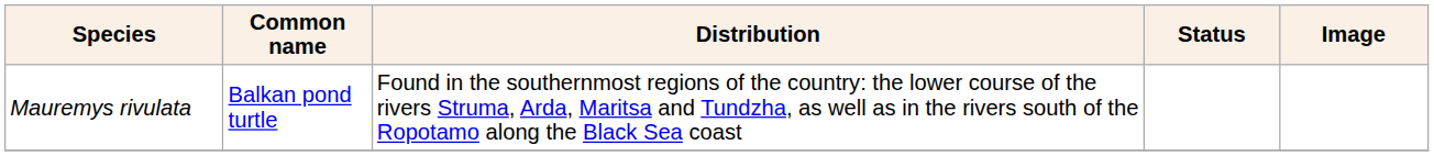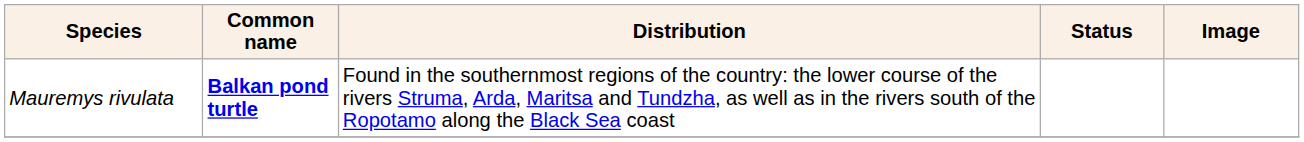 <table class="sortable wikitable plainrowheaders" border="0" style="background:#ffffff" align="top" class="sortable wikitable">
 <tr ->
 <th scope="col" style="background-color:Linen; color:Black" width=150 px>Species</th>
 <th scope="col" style="background-color:Linen; color:Black" width=100 px>Common name</th>
 <th scope="col" style="background:Linen; color:Black" width=550 px>Distribution</th>
 <th scope="col" style="background-color:Linen; color:Black" width=90 px>Status</th>
 <th scope="col" style="background:Linen; color:Black" width=100 px>Image</th>
 </tr>
 <tr>
 <td !scope="row" style="background:#ffffff"><em>Mauremys rivulata</em></td>
-<td><a href='#'>Balkan pond turtle</a></td>
+<td><strong><a href='#'>Balkan pond turtle</a></strong></td>
 <td>Found in the southernmost regions of the country: the lower course of the rivers <a href='#'>Struma</a>, <a href='#'>Arda</a>, <a href='#'>Maritsa</a> and <a href='#'>Tundzha</a>, as well as in the rivers south of the <a href='#'>Ropotamo</a> along the <a href='#'>Black Sea</a> coast</td>
 <td></td>
 <td></td>
 </tr>
 <tr>
 </tr>
 </table>
